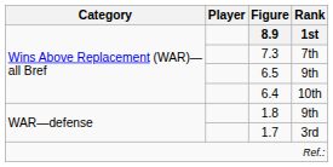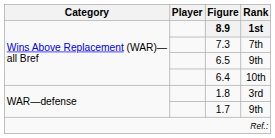 <table class="wikitable sortable sticky-header" border="1" style="font-size: 90%">
 <tr>
 <th>Category</th>
 <th>Player</th>
 <th>Figure</th>
 <th>Rank</th>
 </tr>
 <tr>
 <td rowspan="4"><a href='#'>Wins Above Replacement</a> (WAR)—<br>all Bref</td>
 <td></td>
 <th align="center">8.9</th>
 <th align="center">1st</th>
 </tr>
 <tr>
 <td></td>
 <td align="center">7.3</td>
 <td align="center">7th</td>
 </tr>
 <tr>
 <td></td>
 <td align="center">6.5</td>
 <td align="center">9th</td>
 </tr>
 <tr>
 <td></td>
 <td align="center">6.4</td>
 <td align="center">10th</td>
 </tr>
 <tr>
 <td rowspan="2">WAR—defense</td>
 <td></td>
 <td align="center">1.8</td>
-<td align="center">9th</td>
+<td align="center">3rd</td>
 </tr>
 <tr>
 <td></td>
 <td align="center">1.7</td>
-<td align="center">3rd</td>
+<td align="center">9th</td>
 </tr>
 <tr class="sortbottom">
 <td colspan="4;" align="right"><small><em>Ref.:</em></small></td>
 </tr>
 </table>
